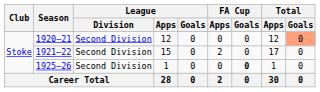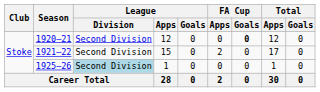 <table class="wikitable" style="text-align: center;">
 <tr>
 <th rowspan="2">Club</th>
 <th rowspan="2">Season</th>
 <th colspan="3">League</th>
 <th colspan="2">FA Cup</th>
 <th colspan="2">Total</th>
 </tr>
 <tr>
 <th>Division</th>
 <th>Apps</th>
 <th>Goals</th>
 <th>Apps</th>
 <th>Goals</th>
 <th>Apps</th>
 <th>Goals</th>
 </tr>
 <tr>
 <td rowspan="3"><a href='#'>Stoke</a></td>
 <td><a href='#'>1920–21</a></td>
 <td><a href='#'>Second Division</a></td>
 <td>12</td>
 <td>0</td>
 <td>0</td>
+<td><strong>0</strong></td>
+<td>12</td>
 <td>0</td>
-<td>12</td>
-<td style="background: lightsalmon;">0</td>
 </tr>
 <tr>
 <td><a href='#'>1921–22</a></td>
 <td>Second Division</td>
 <td>15</td>
 <td>0</td>
 <td>2</td>
 <td>0</td>
 <td>17</td>
 <td>0</td>
 </tr>
 <tr>
 <td><a href='#'>1925–26</a></td>
-<td>Second Division</td>
+<td style="background: lightblue;">Second Division</td>
 <td>1</td>
 <td>0</td>
 <td>0</td>
-<td><strong>0</strong></td>
+<td>0</td>
 <td>1</td>
 <td>0</td>
 </tr>
 <tr>
 <th colspan="3">Career Total</th>
 <th>28</th>
 <th>0</th>
 <th>2</th>
 <th>0</th>
 <th>30</th>
 <th>0</th>
 </tr>
 </table>
